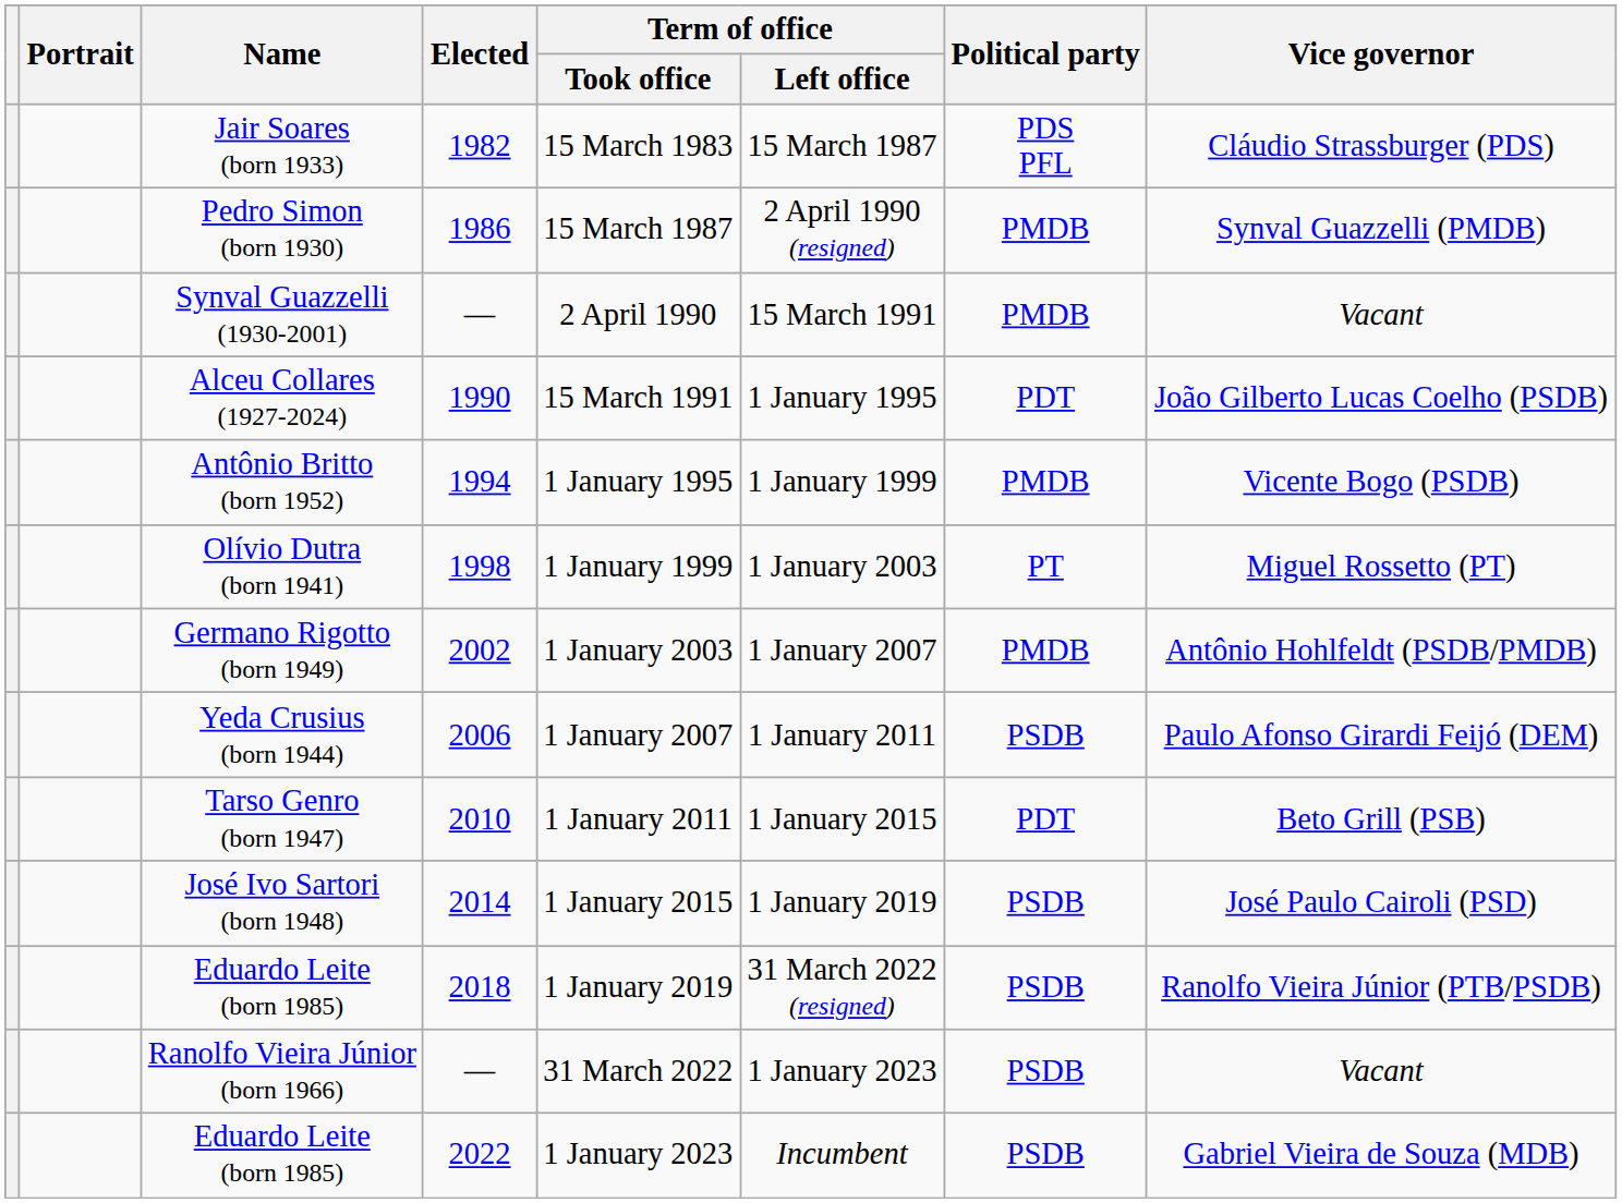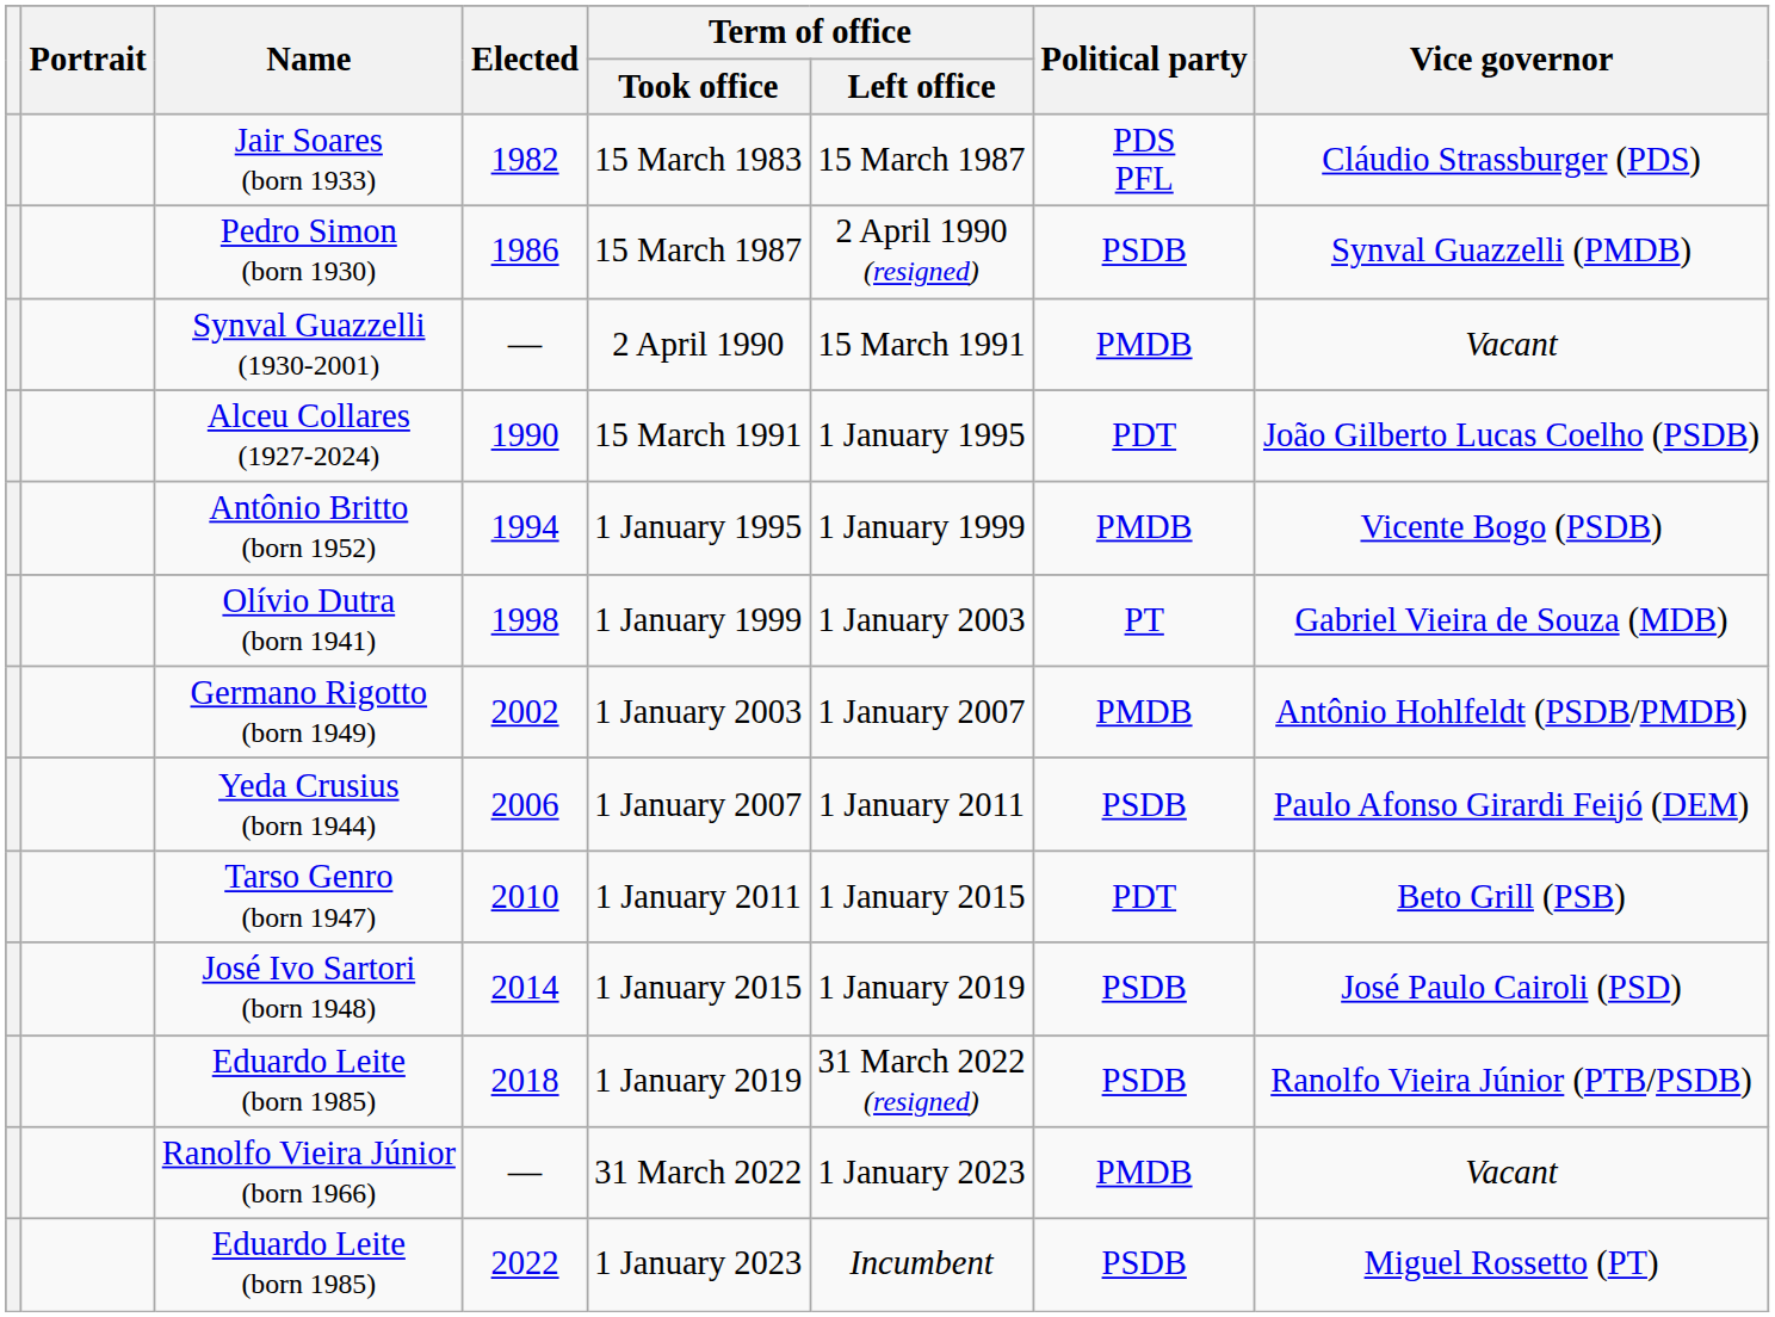 <table class="wikitable" style="text-align:center;">
 <tr>
 <th rowspan="2"></th>
 <th rowspan="2">Portrait</th>
 <th rowspan="2">Name</th>
 <th rowspan="2">Elected</th>
 <th colspan="2">Term of office</th>
 <th rowspan="2">Political party</th>
 <th rowspan="2">Vice governor</th>
 </tr>
 <tr>
 <th>Took office</th>
 <th>Left office</th>
 </tr>
 <tr>
 <th style="background:"></th>
 <td></td>
 <td><a href='#'>Jair Soares</a><br><small>(born 1933)</small></td>
 <td><a href='#'>1982</a></td>
 <td>15 March 1983</td>
 <td>15 March 1987</td>
 <td><a href='#'>PDS</a><br><a href='#'>PFL</a></td>
 <td><a href='#'>Cláudio Strassburger</a> (<a href='#'>PDS</a>)</td>
 </tr>
 <tr>
 <th style="background:"></th>
 <td></td>
 <td><a href='#'>Pedro Simon</a><br><small>(born 1930)</small></td>
 <td><a href='#'>1986</a></td>
 <td>15 March 1987</td>
 <td>2 April 1990<br><small><em>(<a href='#'>resigned</a>)</em></small></td>
-<td><a href='#'>PMDB</a></td>
+<td><a href='#'>PSDB</a></td>
 <td><a href='#'>Synval Guazzelli</a> (<a href='#'>PMDB</a>)</td>
 </tr>
 <tr>
 <th style="background:"></th>
 <td></td>
 <td><a href='#'>Synval Guazzelli</a><br><small>(1930-2001)</small></td>
 <td>—</td>
 <td>2 April 1990</td>
 <td>15 March 1991</td>
 <td><a href='#'>PMDB</a></td>
 <td><em>Vacant</em></td>
 </tr>
 <tr>
 <th style="background:"></th>
 <td></td>
 <td><a href='#'>Alceu Collares</a><br><small>(1927-2024)</small></td>
 <td><a href='#'>1990</a></td>
 <td>15 March 1991</td>
 <td>1 January 1995</td>
 <td><a href='#'>PDT</a></td>
 <td><a href='#'>João Gilberto Lucas Coelho</a> (<a href='#'>PSDB</a>)</td>
 </tr>
 <tr>
 <th style="background:"></th>
 <td></td>
 <td><a href='#'>Antônio Britto</a><br><small>(born 1952)</small></td>
 <td><a href='#'>1994</a></td>
 <td>1 January 1995</td>
 <td>1 January 1999</td>
 <td><a href='#'>PMDB</a></td>
 <td><a href='#'>Vicente Bogo</a> (<a href='#'>PSDB</a>)</td>
 </tr>
 <tr>
 <th style="background:"></th>
 <td></td>
 <td><a href='#'>Olívio Dutra</a><br><small>(born 1941)</small></td>
 <td><a href='#'>1998</a></td>
 <td>1 January 1999</td>
 <td>1 January 2003</td>
 <td><a href='#'>PT</a></td>
-<td><a href='#'>Miguel Rossetto</a> (<a href='#'>PT</a>)</td>
+<td><a href='#'>Gabriel Vieira de Souza</a> (<a href='#'>MDB</a>)</td>
 </tr>
 <tr>
 <th style="background:"></th>
 <td></td>
 <td><a href='#'>Germano Rigotto</a><br><small>(born 1949)</small></td>
 <td><a href='#'>2002</a></td>
 <td>1 January 2003</td>
 <td>1 January 2007</td>
 <td><a href='#'>PMDB</a></td>
 <td><a href='#'>Antônio Hohlfeldt</a> (<a href='#'>PSDB</a>/<a href='#'>PMDB</a>)</td>
 </tr>
 <tr>
 <th style="background:"></th>
 <td></td>
 <td><a href='#'>Yeda Crusius</a><br><small>(born 1944)</small></td>
 <td><a href='#'>2006</a></td>
 <td>1 January 2007</td>
 <td>1 January 2011</td>
 <td><a href='#'>PSDB</a></td>
 <td><a href='#'>Paulo Afonso Girardi Feijó</a> (<a href='#'>DEM</a>)</td>
 </tr>
 <tr>
 <th style="background:"></th>
 <td></td>
 <td><a href='#'>Tarso Genro</a><br><small>(born 1947)</small></td>
 <td><a href='#'>2010</a></td>
 <td>1 January 2011</td>
 <td>1 January 2015</td>
 <td><a href='#'>PDT</a></td>
 <td><a href='#'>Beto Grill</a> (<a href='#'>PSB</a>)</td>
 </tr>
 <tr>
 <th style="background:"></th>
 <td></td>
 <td><a href='#'>José Ivo Sartori</a><br><small>(born 1948)</small></td>
 <td><a href='#'>2014</a></td>
 <td>1 January 2015</td>
 <td>1 January 2019</td>
 <td><a href='#'>PSDB</a></td>
 <td><a href='#'>José Paulo Cairoli</a> (<a href='#'>PSD</a>)</td>
 </tr>
 <tr>
 <th style="background:"></th>
 <td></td>
 <td><a href='#'>Eduardo Leite</a><br><small>(born 1985)</small></td>
 <td><a href='#'>2018</a></td>
 <td>1 January 2019</td>
 <td>31 March 2022<br><small><em>(<a href='#'>resigned</a>)</em></small></td>
 <td><a href='#'>PSDB</a></td>
 <td><a href='#'>Ranolfo Vieira Júnior</a> (<a href='#'>PTB</a>/<a href='#'>PSDB</a>)</td>
 </tr>
 <tr>
 <th style="background:"></th>
 <td></td>
 <td><a href='#'>Ranolfo Vieira Júnior</a><br><small>(born 1966)</small></td>
 <td>—</td>
 <td>31 March 2022</td>
 <td>1 January 2023</td>
-<td><a href='#'>PSDB</a></td>
+<td><a href='#'>PMDB</a></td>
 <td><em>Vacant</em></td>
 </tr>
 <tr>
 <th style="background:"></th>
 <td></td>
 <td><a href='#'>Eduardo Leite</a><br><small>(born 1985)</small></td>
 <td><a href='#'>2022</a></td>
 <td>1 January 2023</td>
 <td><em>Incumbent</em></td>
 <td><a href='#'>PSDB</a></td>
-<td><a href='#'>Gabriel Vieira de Souza</a> (<a href='#'>MDB</a>)</td>
+<td><a href='#'>Miguel Rossetto</a> (<a href='#'>PT</a>)</td>
 </tr>
 </table>
